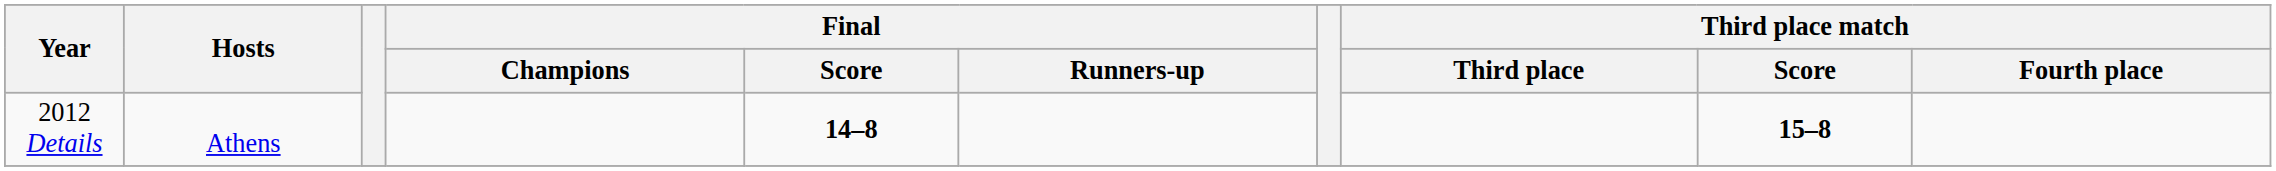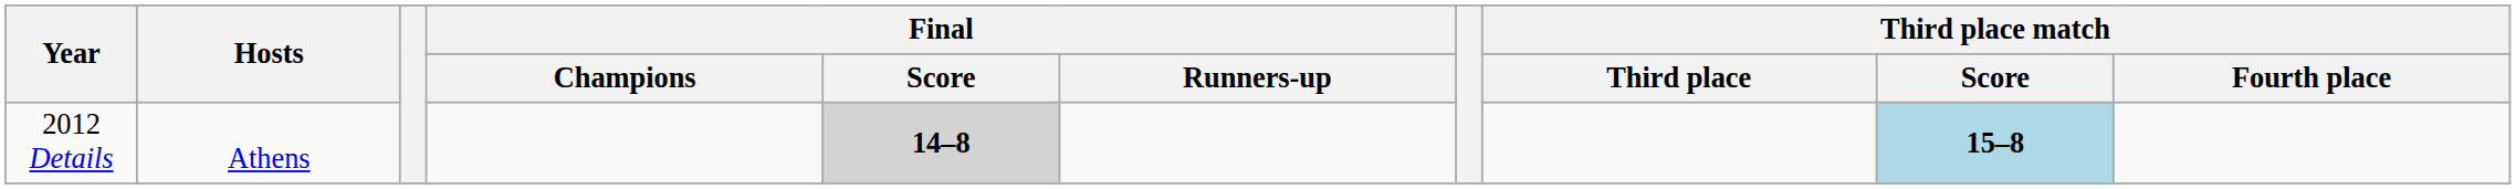 <table class="wikitable" style="font-size:90%; width: 98%; text-align: center;">
 <tr>
 <th rowspan=2 width=5%>Year</th>
 <th rowspan=2 width=10%>Hosts</th>
 <th width=1% rowspan=3 bgcolor=ffffff></th>
 <th colspan=3>Final</th>
 <th width=1% rowspan=3 bgcolor=ffffff></th>
 <th colspan=3>Third place match</th>
 </tr>
 <tr bgcolor=#EFEFEF>
 <th width=15%>Champions</th>
 <th width=9%>Score</th>
 <th width=15%>Runners-up</th>
 <th width=15%>Third place</th>
 <th width=9%>Score</th>
 <th width=15%>Fourth place</th>
 </tr>
 <tr>
 <td>2012<br><em><a href='#'>Details</a></em></td>
 <td><br><a href='#'>Athens</a></td>
 <td><strong></strong></td>
-<td><strong>14–8</strong></td>
+<td style="background: lightgrey;"><strong>14–8</strong></td>
 <td></td>
 <td></td>
-<td><strong>15–8</strong></td>
+<td style="background: lightblue;"><strong>15–8</strong></td>
 <td></td>
 </tr>
 </table>
